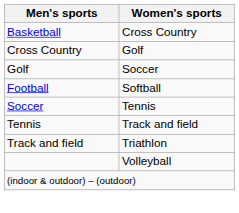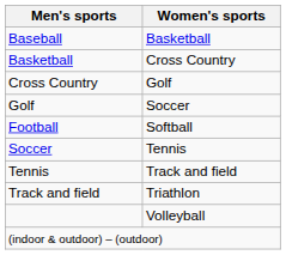 <table class= wikitable>
 <tr>
 <th width=150px>Men's sports</th>
 <th width=150px>Women's sports</th>
+</tr>
+<tr>
+<td><a href='#'>Baseball</a></td>
+<td><a href='#'>Basketball</a></td>
 </tr>
 <tr>
 <td><a href='#'>Basketball</a></td>
 <td>Cross Country</td>
 </tr>
 <tr>
 <td>Cross Country</td>
 <td>Golf</td>
 </tr>
 <tr>
 <td>Golf</td>
 <td>Soccer</td>
 </tr>
 <tr>
 <td><a href='#'>Football</a></td>
 <td>Softball</td>
 </tr>
 <tr>
 <td><a href='#'>Soccer</a></td>
 <td>Tennis</td>
 </tr>
 <tr>
 <td>Tennis</td>
 <td>Track and field </td>
 </tr>
 <tr>
 <td>Track and field </td>
 <td>Triathlon</td>
 </tr>
 <tr>
 <td></td>
 <td>Volleyball</td>
 </tr>
 <tr>
 <td colspan=2><small> (indoor & outdoor) –  (outdoor)</small></td>
 </tr>
 </table>
